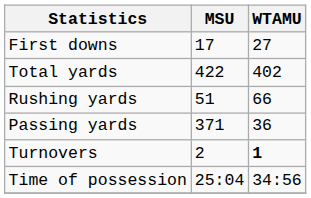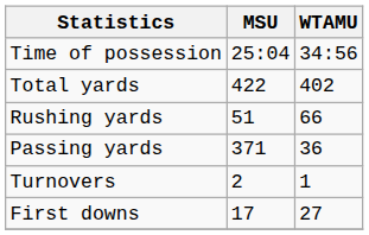 <table class="wikitable" style="float: left;">
 <tr>
 <th>Statistics</th>
 <th>MSU</th>
 <th>WTAMU</th>
 </tr>
 <tr>
-<td>First downs</td>
-<td>17</td>
-<td>27</td>
+<td>Time of possession</td>
+<td>25:04</td>
+<td>34:56</td>
 </tr>
 <tr>
 <td>Total yards</td>
 <td>422</td>
 <td>402</td>
 </tr>
 <tr>
 <td>Rushing yards</td>
 <td>51</td>
 <td>66</td>
 </tr>
 <tr>
 <td>Passing yards</td>
 <td>371</td>
 <td>36</td>
 </tr>
 <tr>
 <td>Turnovers</td>
 <td>2</td>
-<td><strong>1</strong></td>
+<td>1</td>
 </tr>
 <tr>
-<td>Time of possession</td>
-<td>25:04</td>
-<td>34:56</td>
+<td>First downs</td>
+<td>17</td>
+<td>27</td>
 </tr>
 <tr>
 </tr>
 </table>
